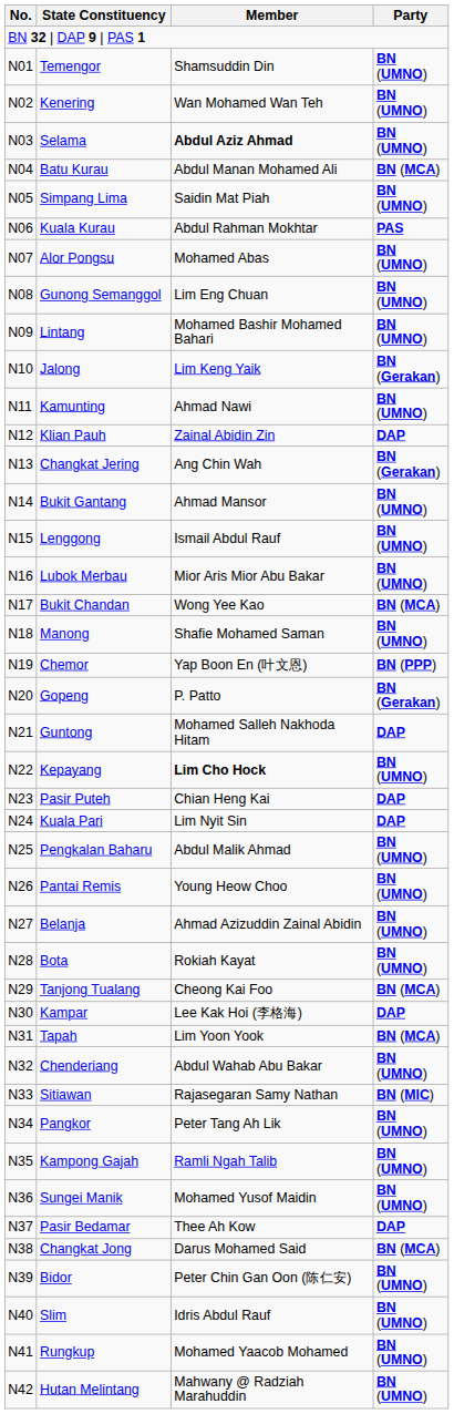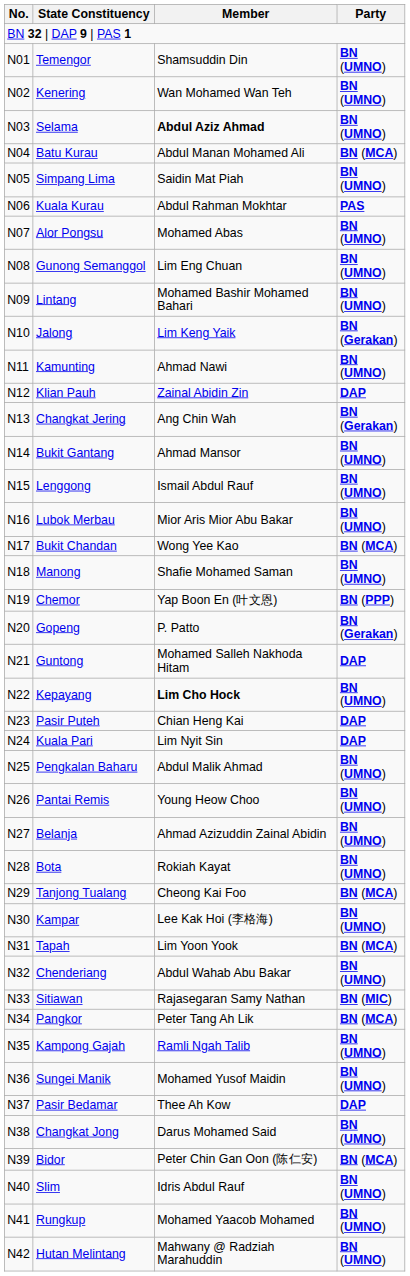 <table class="wikitable sortable">
 <tr>
 <th style="width:30px;">No.</th>
 <th style="width:150px;">State Constituency</th>
 <th style="width:230px;">Member</th>
 <th style="width:80px;">Party</th>
 </tr>
 <tr>
 <td colspan="4"><a href='#'>BN</a> <strong>32</strong> | <a href='#'>DAP</a> <strong>9</strong> | <a href='#'>PAS</a> <strong>1</strong></td>
 </tr>
 <tr>
 <td>N01</td>
 <td><a href='#'>Temengor</a></td>
 <td>Shamsuddin Din</td>
 <td><strong><a href='#'>BN</a></strong> (<strong><a href='#'>UMNO</a></strong>)</td>
 </tr>
 <tr>
 <td>N02</td>
 <td><a href='#'>Kenering</a></td>
 <td>Wan Mohamed Wan Teh</td>
 <td><strong><a href='#'>BN</a></strong> (<strong><a href='#'>UMNO</a></strong>)</td>
 </tr>
 <tr>
 <td>N03</td>
 <td><a href='#'>Selama</a></td>
 <td><strong>Abdul Aziz Ahmad</strong></td>
 <td><strong><a href='#'>BN</a></strong> (<strong><a href='#'>UMNO</a></strong>)</td>
 </tr>
 <tr>
 <td>N04</td>
 <td><a href='#'>Batu Kurau</a></td>
 <td>Abdul Manan Mohamed Ali</td>
 <td><strong><a href='#'>BN</a></strong> (<strong><a href='#'>MCA</a></strong>)</td>
 </tr>
 <tr>
 <td>N05</td>
 <td><a href='#'>Simpang Lima</a></td>
 <td>Saidin Mat Piah</td>
 <td><strong><a href='#'>BN</a></strong> (<strong><a href='#'>UMNO</a></strong>)</td>
 </tr>
 <tr>
 <td>N06</td>
 <td><a href='#'>Kuala Kurau</a></td>
 <td>Abdul Rahman Mokhtar</td>
 <td><strong><a href='#'>PAS</a></strong></td>
 </tr>
 <tr>
 <td>N07</td>
 <td><a href='#'>Alor Pongsu</a></td>
 <td>Mohamed Abas</td>
 <td><strong><a href='#'>BN</a></strong> (<strong><a href='#'>UMNO</a></strong>)</td>
 </tr>
 <tr>
 <td>N08</td>
 <td><a href='#'>Gunong Semanggol</a></td>
 <td>Lim Eng Chuan</td>
 <td><strong><a href='#'>BN</a></strong> (<strong><a href='#'>UMNO</a></strong>)</td>
 </tr>
 <tr>
 <td>N09</td>
 <td><a href='#'>Lintang</a></td>
 <td>Mohamed Bashir Mohamed Bahari</td>
 <td><strong><a href='#'>BN</a></strong> (<strong><a href='#'>UMNO</a></strong>)</td>
 </tr>
 <tr>
 <td>N10</td>
 <td><a href='#'>Jalong</a></td>
 <td><a href='#'>Lim Keng Yaik</a></td>
 <td><strong><a href='#'>BN</a></strong> (<strong><a href='#'>Gerakan</a></strong>)</td>
 </tr>
 <tr>
 <td>N11</td>
 <td><a href='#'>Kamunting</a></td>
 <td>Ahmad Nawi</td>
 <td><strong><a href='#'>BN</a></strong> (<strong><a href='#'>UMNO</a></strong>)</td>
 </tr>
 <tr>
 <td>N12</td>
 <td><a href='#'>Klian Pauh</a></td>
 <td><a href='#'>Zainal Abidin Zin</a></td>
 <td><strong><a href='#'>DAP</a></strong></td>
 </tr>
 <tr>
 <td>N13</td>
 <td><a href='#'>Changkat Jering</a></td>
 <td>Ang Chin Wah</td>
 <td><strong><a href='#'>BN</a></strong> (<strong><a href='#'>Gerakan</a></strong>)</td>
 </tr>
 <tr>
 <td>N14</td>
 <td><a href='#'>Bukit Gantang</a></td>
 <td>Ahmad Mansor</td>
 <td><strong><a href='#'>BN</a></strong> (<strong><a href='#'>UMNO</a></strong>)</td>
 </tr>
 <tr>
 <td>N15</td>
 <td><a href='#'>Lenggong</a></td>
 <td>Ismail Abdul Rauf</td>
 <td><strong><a href='#'>BN</a></strong> (<strong><a href='#'>UMNO</a></strong>)</td>
 </tr>
 <tr>
 <td>N16</td>
 <td><a href='#'>Lubok Merbau</a></td>
 <td>Mior Aris Mior Abu Bakar</td>
 <td><strong><a href='#'>BN</a></strong> (<strong><a href='#'>UMNO</a></strong>)</td>
 </tr>
 <tr>
 <td>N17</td>
 <td><a href='#'>Bukit Chandan</a></td>
 <td>Wong Yee Kao</td>
 <td><strong><a href='#'>BN</a></strong> (<strong><a href='#'>MCA</a></strong>)</td>
 </tr>
 <tr>
 <td>N18</td>
 <td><a href='#'>Manong</a></td>
 <td>Shafie Mohamed Saman</td>
 <td><strong><a href='#'>BN</a></strong> (<strong><a href='#'>UMNO</a></strong>)</td>
 </tr>
 <tr>
 <td>N19</td>
 <td><a href='#'>Chemor</a></td>
 <td>Yap Boon En (叶文恩)</td>
 <td><strong><a href='#'>BN</a></strong> (<strong><a href='#'>PPP</a></strong>)</td>
 </tr>
 <tr>
 <td>N20</td>
 <td><a href='#'>Gopeng</a></td>
 <td>P. Patto</td>
 <td><strong><a href='#'>BN</a></strong> (<strong><a href='#'>Gerakan</a></strong>)</td>
 </tr>
 <tr>
 <td>N21</td>
 <td><a href='#'>Guntong</a></td>
 <td>Mohamed Salleh Nakhoda Hitam</td>
 <td><strong><a href='#'>DAP</a></strong></td>
 </tr>
 <tr>
 <td>N22</td>
 <td><a href='#'>Kepayang</a></td>
 <td><strong>Lim Cho Hock</strong></td>
 <td><strong><a href='#'>BN</a></strong> (<strong><a href='#'>UMNO</a></strong>)</td>
 </tr>
 <tr>
 <td>N23</td>
 <td><a href='#'>Pasir Puteh</a></td>
 <td>Chian Heng Kai</td>
 <td><strong><a href='#'>DAP</a></strong></td>
 </tr>
 <tr>
 <td>N24</td>
 <td><a href='#'>Kuala Pari</a></td>
 <td>Lim Nyit Sin</td>
 <td><strong><a href='#'>DAP</a></strong></td>
 </tr>
 <tr>
 <td>N25</td>
 <td><a href='#'>Pengkalan Baharu</a></td>
 <td>Abdul Malik Ahmad</td>
 <td><strong><a href='#'>BN</a></strong> (<strong><a href='#'>UMNO</a></strong>)</td>
 </tr>
 <tr>
 <td>N26</td>
 <td><a href='#'>Pantai Remis</a></td>
 <td>Young Heow Choo</td>
 <td><strong><a href='#'>BN</a></strong> (<strong><a href='#'>UMNO</a></strong>)</td>
 </tr>
 <tr>
 <td>N27</td>
 <td><a href='#'>Belanja</a></td>
 <td>Ahmad Azizuddin Zainal Abidin</td>
 <td><strong><a href='#'>BN</a></strong> (<strong><a href='#'>UMNO</a></strong>)</td>
 </tr>
 <tr>
 <td>N28</td>
 <td><a href='#'>Bota</a></td>
 <td>Rokiah Kayat</td>
 <td><strong><a href='#'>BN</a></strong> (<strong><a href='#'>UMNO</a></strong>)</td>
 </tr>
 <tr>
 <td>N29</td>
 <td><a href='#'>Tanjong Tualang</a></td>
 <td>Cheong Kai Foo</td>
 <td><strong><a href='#'>BN</a></strong> (<strong><a href='#'>MCA</a></strong>)</td>
 </tr>
 <tr>
 <td>N30</td>
 <td><a href='#'>Kampar</a></td>
 <td>Lee Kak Hoi (李格海)</td>
-<td><strong><a href='#'>DAP</a></strong></td>
+<td><strong><a href='#'>BN</a></strong> (<strong><a href='#'>UMNO</a></strong>)</td>
 </tr>
 <tr>
 <td>N31</td>
 <td><a href='#'>Tapah</a></td>
 <td>Lim Yoon Yook</td>
 <td><strong><a href='#'>BN</a></strong> (<strong><a href='#'>MCA</a></strong>)</td>
 </tr>
 <tr>
 <td>N32</td>
 <td><a href='#'>Chenderiang</a></td>
 <td>Abdul Wahab Abu Bakar</td>
 <td><strong><a href='#'>BN</a></strong> (<strong><a href='#'>UMNO</a></strong>)</td>
 </tr>
 <tr>
 <td>N33</td>
 <td><a href='#'>Sitiawan</a></td>
 <td>Rajasegaran Samy Nathan</td>
 <td><strong><a href='#'>BN</a></strong> (<strong><a href='#'>MIC</a></strong>)</td>
 </tr>
 <tr>
 <td>N34</td>
 <td><a href='#'>Pangkor</a></td>
 <td>Peter Tang Ah Lik</td>
-<td><strong><a href='#'>BN</a></strong> (<strong><a href='#'>UMNO</a></strong>)</td>
+<td><strong><a href='#'>BN</a></strong> (<strong><a href='#'>MCA</a></strong>)</td>
 </tr>
 <tr>
 <td>N35</td>
 <td><a href='#'>Kampong Gajah</a></td>
 <td><a href='#'>Ramli Ngah Talib</a></td>
 <td><strong><a href='#'>BN</a></strong> (<strong><a href='#'>UMNO</a></strong>)</td>
 </tr>
 <tr>
 <td>N36</td>
 <td><a href='#'>Sungei Manik</a></td>
 <td>Mohamed Yusof Maidin</td>
 <td><strong><a href='#'>BN</a></strong> (<strong><a href='#'>UMNO</a></strong>)</td>
 </tr>
 <tr>
 <td>N37</td>
 <td><a href='#'>Pasir Bedamar</a></td>
 <td>Thee Ah Kow</td>
 <td><strong><a href='#'>DAP</a></strong></td>
 </tr>
 <tr>
 <td>N38</td>
 <td><a href='#'>Changkat Jong</a></td>
 <td>Darus Mohamed Said</td>
-<td><strong><a href='#'>BN</a></strong> (<strong><a href='#'>MCA</a></strong>)</td>
+<td><strong><a href='#'>BN</a></strong> (<strong><a href='#'>UMNO</a></strong>)</td>
 </tr>
 <tr>
 <td>N39</td>
 <td><a href='#'>Bidor</a></td>
 <td>Peter Chin Gan Oon (陈仁安)</td>
-<td><strong><a href='#'>BN</a></strong> (<strong><a href='#'>UMNO</a></strong>)</td>
+<td><strong><a href='#'>BN</a></strong> (<strong><a href='#'>MCA</a></strong>)</td>
 </tr>
 <tr>
 <td>N40</td>
 <td><a href='#'>Slim</a></td>
 <td>Idris Abdul Rauf</td>
 <td><strong><a href='#'>BN</a></strong> (<strong><a href='#'>UMNO</a></strong>)</td>
 </tr>
 <tr>
 <td>N41</td>
 <td><a href='#'>Rungkup</a></td>
 <td>Mohamed Yaacob Mohamed</td>
 <td><strong><a href='#'>BN</a></strong> (<strong><a href='#'>UMNO</a></strong>)</td>
 </tr>
 <tr>
 <td>N42</td>
 <td><a href='#'>Hutan Melintang</a></td>
 <td>Mahwany @ Radziah Marahuddin</td>
 <td><strong><a href='#'>BN</a></strong> (<strong><a href='#'>UMNO</a></strong>)</td>
 </tr>
 </table>
